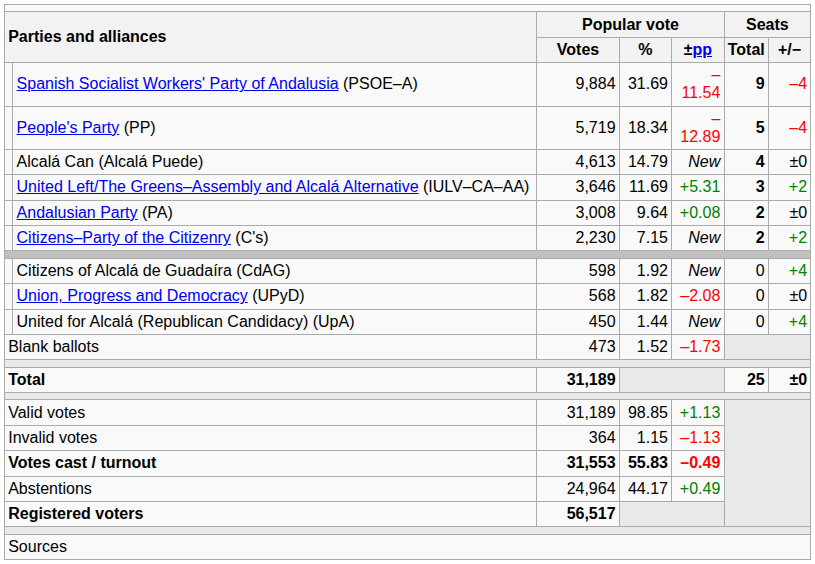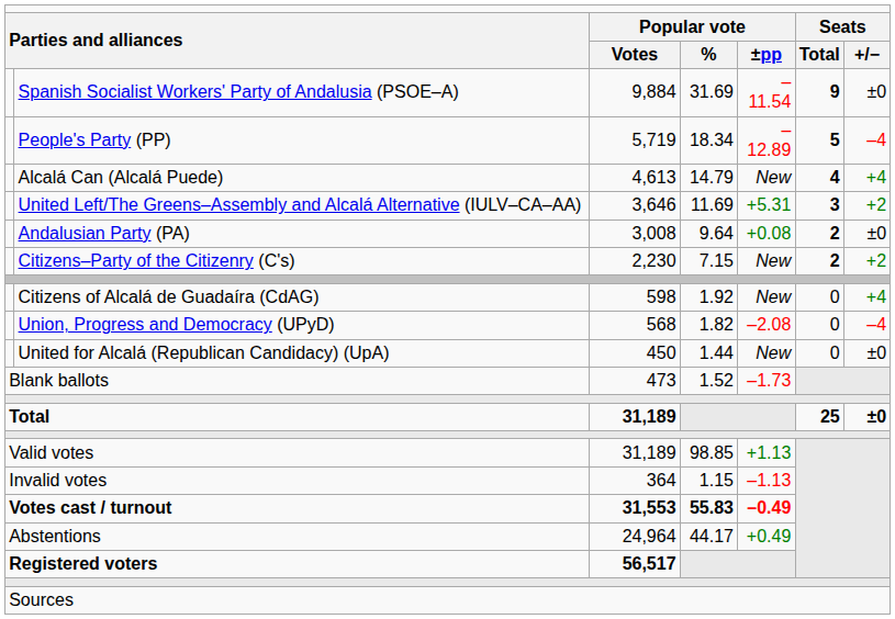 <table class="wikitable" style="text-align:right;">
 <tr>
 <td colspan="7"></td>
 </tr>
 <tr>
 <th style="text-align:left;" rowspan="2" colspan="2" width="525">Parties and alliances</th>
 <th colspan="3">Popular vote</th>
 <th colspan="2">Seats</th>
 </tr>
 <tr>
 <th width="75">Votes</th>
 <th width="45">%</th>
 <th width="45">±<a href='#'>pp</a></th>
 <th width="35">Total</th>
 <th width="35">+/−</th>
 </tr>
 <tr>
 <td width="1" style="color:inherit;background:"></td>
 <td align="left"><a href='#'>Spanish Socialist Workers' Party of Andalusia</a> (PSOE–A)</td>
 <td>9,884</td>
 <td>31.69</td>
 <td style="color:red;">–11.54</td>
 <td><strong>9</strong></td>
-<td style="color:red;">–4</td>
+<td>±0</td>
 </tr>
 <tr>
 <td style="color:inherit;background:"></td>
 <td align="left"><a href='#'>People's Party</a> (PP)</td>
 <td>5,719</td>
 <td>18.34</td>
 <td style="color:red;">–12.89</td>
 <td><strong>5</strong></td>
 <td style="color:red;">–4</td>
 </tr>
 <tr>
 <td style="color:inherit;background:"></td>
 <td align="left">Alcalá Can (Alcalá Puede)</td>
 <td>4,613</td>
 <td>14.79</td>
 <td><em>New</em></td>
 <td><strong>4</strong></td>
-<td>±0</td>
+<td style="color:green;">+4</td>
 </tr>
 <tr>
 <td style="color:inherit;background:"></td>
 <td align="left"><a href='#'>United Left/The Greens–Assembly and Alcalá Alternative</a> (IULV–CA–AA)</td>
 <td>3,646</td>
 <td>11.69</td>
 <td style="color:green;">+5.31</td>
 <td><strong>3</strong></td>
 <td style="color:green;">+2</td>
 </tr>
 <tr>
 <td style="color:inherit;background:"></td>
 <td align="left"><a href='#'>Andalusian Party</a> (PA)</td>
 <td>3,008</td>
 <td>9.64</td>
 <td style="color:green;">+0.08</td>
 <td><strong>2</strong></td>
 <td>±0</td>
 </tr>
 <tr>
 <td style="color:inherit;background:"></td>
 <td align="left"><a href='#'>Citizens–Party of the Citizenry</a> (C's)</td>
 <td>2,230</td>
 <td>7.15</td>
 <td><em>New</em></td>
 <td><strong>2</strong></td>
 <td style="color:green;">+2</td>
 </tr>
 <tr>
 <td colspan="7" bgcolor="#C0C0C0"></td>
 </tr>
 <tr>
 <td style="color:inherit;background:"></td>
 <td align="left">Citizens of Alcalá de Guadaíra (CdAG)</td>
 <td>598</td>
 <td>1.92</td>
 <td><em>New</em></td>
 <td>0</td>
 <td style="color:green;">+4</td>
 </tr>
 <tr>
 <td style="color:inherit;background:"></td>
 <td align="left"><a href='#'>Union, Progress and Democracy</a> (UPyD)</td>
 <td>568</td>
 <td>1.82</td>
 <td style="color:red;">–2.08</td>
 <td>0</td>
-<td>±0</td>
+<td style="color:red;">–4</td>
 </tr>
 <tr>
 <td style="color:inherit;background:"></td>
 <td align="left">United for Alcalá (Republican Candidacy) (UpA)</td>
 <td>450</td>
 <td>1.44</td>
 <td><em>New</em></td>
 <td>0</td>
-<td style="color:green;">+4</td>
+<td>±0</td>
 </tr>
 <tr>
 <td align="left" colspan="2">Blank ballots</td>
 <td>473</td>
 <td>1.52</td>
 <td style="color:red;">–1.73</td>
 <td bgcolor="#E9E9E9" colspan="2"></td>
 </tr>
 <tr>
 <td colspan="7" bgcolor="#E9E9E9"></td>
 </tr>
 <tr style="font-weight:bold;">
 <td align="left" colspan="2">Total</td>
 <td>31,189</td>
 <td bgcolor="#E9E9E9" colspan="2"></td>
 <td>25</td>
 <td>±0</td>
 </tr>
 <tr>
 <td colspan="7" bgcolor="#E9E9E9"></td>
 </tr>
 <tr>
 <td align="left" colspan="2">Valid votes</td>
 <td>31,189</td>
 <td>98.85</td>
 <td style="color:green;">+1.13</td>
 <td bgcolor="#E9E9E9" colspan="2" rowspan="5"></td>
 </tr>
 <tr>
 <td align="left" colspan="2">Invalid votes</td>
 <td>364</td>
 <td>1.15</td>
 <td style="color:red;">–1.13</td>
 </tr>
 <tr style="font-weight:bold;">
 <td align="left" colspan="2">Votes cast / turnout</td>
 <td>31,553</td>
 <td>55.83</td>
 <td style="color:red;">–0.49</td>
 </tr>
 <tr>
 <td align="left" colspan="2">Abstentions</td>
 <td>24,964</td>
 <td>44.17</td>
 <td style="color:green;">+0.49</td>
 </tr>
 <tr style="font-weight:bold;">
 <td align="left" colspan="2">Registered voters</td>
 <td>56,517</td>
 <td bgcolor="#E9E9E9" colspan="2"></td>
 </tr>
 <tr>
 <td colspan="7" bgcolor="#E9E9E9"></td>
 </tr>
 <tr>
 <td align="left" colspan="7">Sources</td>
 </tr>
 </table>
